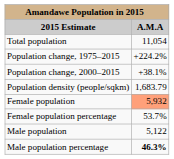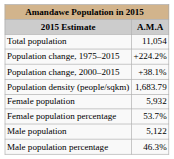 <table class="wikitable collapsible" style="float:right; margin:0 0 0.5em 1em; text-align:right; font-size:90%;">
 <tr>
 <th style="background:tan; text-align:center" colspan="4"><span>Amandawe Population in 2015 </span> </th>
 </tr>
 <tr style="background:#ccc; text-align:center;">
 <td><strong>2015 Estimate</strong></td>
 <td><strong>A.M.A</strong></td>
 </tr>
 <tr>
 <td style="text-align:left">Total population</td>
 <td>11,054</td>
 </tr>
 <tr>
 <td style="text-align:left">Population change, 1975–2015</td>
 <td>+224.2%</td>
 </tr>
 <tr>
 <td style="text-align:left">Population change, 2000–2015</td>
 <td>+38.1%</td>
 </tr>
 <tr>
 <td style="text-align:left">Population density (people/sqkm)</td>
 <td>1,683.79</td>
 </tr>
 <tr>
 <td style="text-align:left">Female population</td>
-<td style="background: lightsalmon;">5,932</td>
+<td>5,932</td>
 </tr>
 <tr>
 <td style="text-align:left">Female population percentage</td>
 <td>53.7%</td>
 </tr>
 <tr>
 <td style="text-align:left">Male population</td>
 <td>5,122</td>
 </tr>
 <tr>
 <td style="text-align:left">Male population percentage</td>
-<td><strong>46.3%</strong></td>
+<td>46.3%</td>
 </tr>
 </table>
